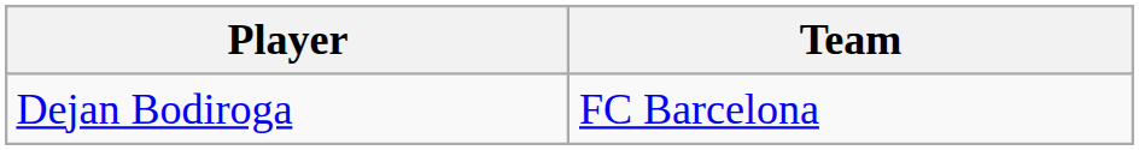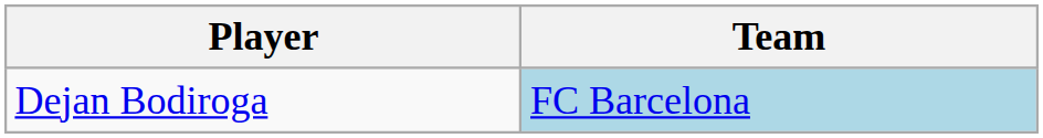 <table class="wikitable" style="text-align: left;">
 <tr>
 <th style="width:200px;">Player</th>
 <th style="width:200px;">Team</th>
 </tr>
 <tr>
 <td> <a href='#'>Dejan Bodiroga</a></td>
-<td> <a href='#'>FC Barcelona</a></td>
+<td style="background: lightblue;"> <a href='#'>FC Barcelona</a></td>
 </tr>
 </table>
